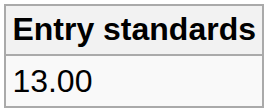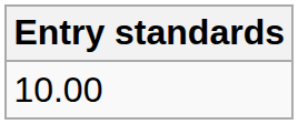 <table class="wikitable" border="1" align="upright">
 <tr>
 <th>Entry standards</th>
 </tr>
 <tr>
-<td>13.00</td>
+<td>10.00</td>
 </tr>
 </table>
